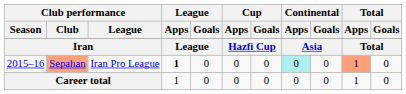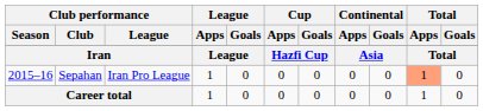 <table class="wikitable" style="text-align:center">
 <tr>
 <th colspan=3>Club performance</th>
 <th colspan=2>League</th>
 <th colspan=2>Cup</th>
 <th colspan=2>Continental</th>
 <th colspan=2>Total</th>
 </tr>
 <tr>
 <th>Season</th>
 <th>Club</th>
 <th>League</th>
 <th>Apps</th>
 <th>Goals</th>
 <th>Apps</th>
 <th>Goals</th>
 <th>Apps</th>
 <th>Goals</th>
 <th>Apps</th>
 <th>Goals</th>
 </tr>
 <tr>
 </tr>
 <tr>
 <th colspan=3>Iran</th>
 <th colspan=2>League</th>
 <th colspan=2><a href='#'>Hazfi Cup</a></th>
 <th colspan=2><a href='#'>Asia</a></th>
 <th colspan=2>Total</th>
 </tr>
 <tr>
 <td><a href='#'>2015–16</a></td>
-<td rowspan="1" style="background: lightsalmon;"><a href='#'>Sepahan</a></td>
+<td rowspan="1"><a href='#'>Sepahan</a></td>
 <td rowspan="1"><a href='#'>Iran Pro League</a></td>
-<td><strong>1</strong></td>
+<td>1</td>
 <td>0</td>
 <td>0</td>
 <td>0</td>
-<td style="background: paleturquoise;">0</td>
+<td>0</td>
 <td>0</td>
 <td style="background: lightsalmon;">1</td>
 <td>0</td>
 </tr>
 <tr>
 <th colspan=3>Career total</th>
 <td>1</td>
 <td>0</td>
 <td>0</td>
 <td>0</td>
 <td>0</td>
 <td>0</td>
 <td>1</td>
 <td>0</td>
 </tr>
 </table>
